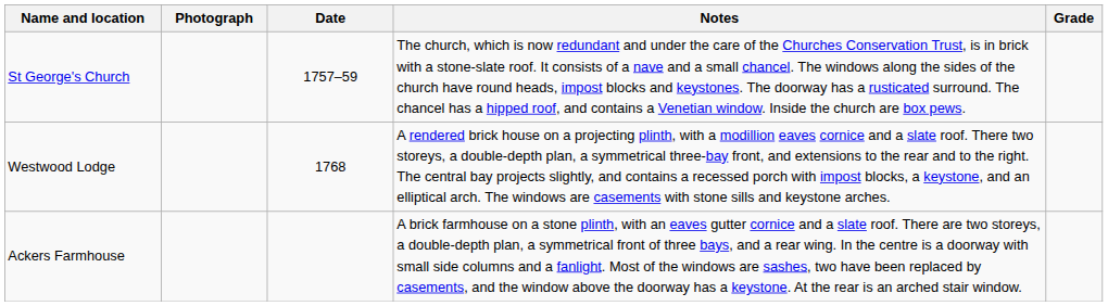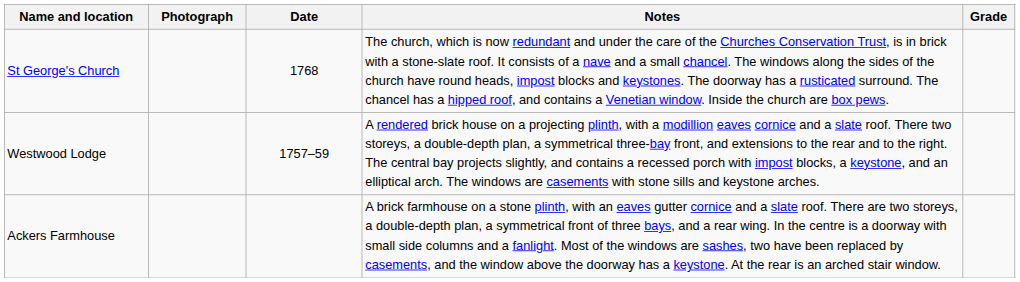 <table class="wikitable sortable plainrowheaders" style="width:100%; border:0; text-align:left; line-height:150%;">
 <tr>
 <th scope="col"  style="width:150px">Name and location</th>
 <th scope="col"  style="width:100px" class="unsortable">Photograph</th>
 <th scope="col"  style="width:120px">Date</th>
 <th scope="col"  style="width:650px" class="unsortable">Notes</th>
 <th scope="col"  style="width:50px">Grade</th>
 </tr>
 <tr>
 <td><a href='#'>St George's Church</a><br><small></small></td>
 <td></td>
-<td align="center">1757–59</td>
+<td align="center">1768</td>
 <td>The church, which is now <a href='#'>redundant</a> and under the care of the <a href='#'>Churches Conservation Trust</a>, is in brick with a stone-slate roof. It consists of a <a href='#'>nave</a> and a small <a href='#'>chancel</a>. The windows along the sides of the church have round heads, <a href='#'>impost</a> blocks and <a href='#'>keystones</a>. The doorway has a <a href='#'>rusticated</a> surround. The chancel has a <a href='#'>hipped roof</a>, and contains a <a href='#'>Venetian window</a>. Inside the church are <a href='#'>box pews</a>.</td>
 <td align="center" ></td>
 </tr>
 <tr>
 <td>Westwood Lodge<br><small></small></td>
 <td></td>
-<td align="center">1768</td>
+<td align="center">1757–59</td>
 <td>A <a href='#'>rendered</a> brick house on a projecting <a href='#'>plinth</a>, with a <a href='#'>modillion</a> <a href='#'>eaves</a> <a href='#'>cornice</a> and a <a href='#'>slate</a> roof. There two storeys, a double-depth plan, a symmetrical three-<a href='#'>bay</a> front, and extensions to the rear and to the right. The central bay projects slightly, and contains a recessed porch with <a href='#'>impost</a> blocks, a <a href='#'>keystone</a>, and an elliptical arch. The windows are <a href='#'>casements</a> with stone sills and keystone arches.</td>
 <td align="center" ></td>
 </tr>
 <tr>
 <td>Ackers Farmhouse<br><small></small></td>
 <td></td>
 <td align="center"></td>
 <td>A brick farmhouse on a stone <a href='#'>plinth</a>, with an <a href='#'>eaves</a> gutter <a href='#'>cornice</a> and a <a href='#'>slate</a> roof. There are two storeys, a double-depth plan, a symmetrical front of three <a href='#'>bays</a>, and a rear wing. In the centre is a doorway with small side columns and a <a href='#'>fanlight</a>. Most of the windows are <a href='#'>sashes</a>, two have been replaced by <a href='#'>casements</a>, and the window above the doorway has a <a href='#'>keystone</a>. At the rear is an arched stair window.</td>
 <td align="center" ></td>
 </tr>
 <tr>
 </tr>
 </table>
